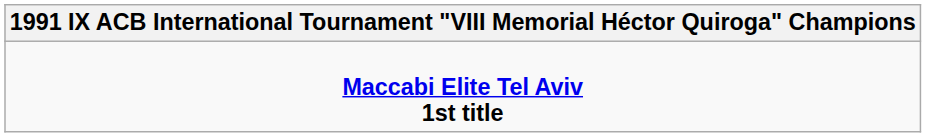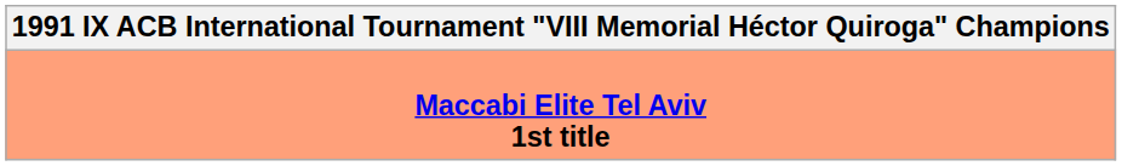 <table class=wikitable style="text-align:center; margin:auto">
 <tr>
 <th>1991 IX ACB International Tournament "VIII Memorial Héctor Quiroga" Champions</th>
 </tr>
 <tr>
-<td><br> <strong><a href='#'>Maccabi Elite Tel Aviv</a></strong> <br> <strong>1st title</strong></td>
+<td style="background: lightsalmon;"><br> <strong><a href='#'>Maccabi Elite Tel Aviv</a></strong> <br> <strong>1st title</strong></td>
 </tr>
 </table>
